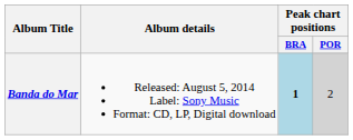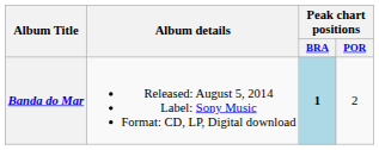 <table class="wikitable plainrowheaders" style="text-align:center;" border="1">
 <tr>
 <th scope="col" rowspan="2">Album Title</th>
 <th scope="col" rowspan="2">Album details</th>
 <th scope="col" colspan="2">Peak chart positions</th>
 </tr>
 <tr>
 <th scope="col" style="width:3em;font-size:85%;"><a href='#'>BRA</a></th>
 <th scope="col" style="width:3em;font-size:85%;"><a href='#'>POR</a></th>
 </tr>
 <tr>
 <th scope="row"><em><a href='#'>Banda do Mar</a></em></th>
 <td><br><ul><li>Released: August 5, 2014</li><li>Label: <a href='#'>Sony Music</a></li><li>Format: CD, LP, Digital download</li></ul></td>
 <td style="background: lightblue;"><strong>1</strong></td>
-<td style="background: lightgrey;">2</td>
+<td>2</td>
 </tr>
 </table>
